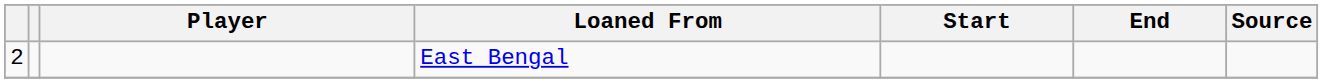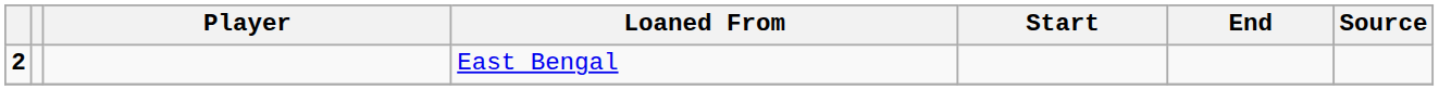 <table class="wikitable plainrowheaders sortable" style="font-size:95%">
 <tr>
 <th></th>
 <th></th>
 <th scope=col style="width:200px;"><strong>Player</strong></th>
 <th scope=col style="width:250px;"><strong>Loaned From</strong></th>
 <th scope=col style="width:100px;"><strong>Start</strong></th>
 <th scope=col style="width:78px;"><strong>End</strong></th>
 <th><strong>Source</strong></th>
 </tr>
 <tr>
-<td align=center>2</td>
+<td align=center><strong>2</strong></td>
 <td align=center></td>
 <td></td>
 <td> <a href='#'>East Bengal</a></td>
 <td align=center></td>
 <td align=center></td>
 <td align=center></td>
 </tr>
 <tr>
 </tr>
 </table>
